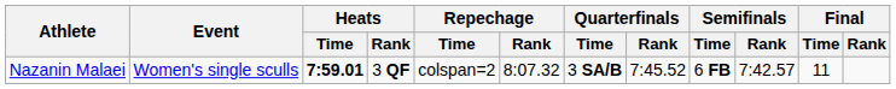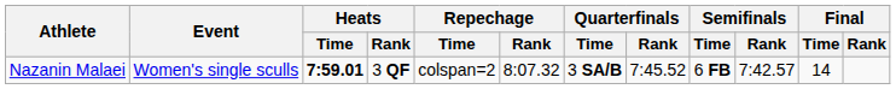 <table class="wikitable" style="font-size:90%">
 <tr>
 <th rowspan="2">Athlete</th>
 <th rowspan="2">Event</th>
 <th colspan="2">Heats</th>
 <th colspan="2">Repechage</th>
 <th colspan="2">Quarterfinals</th>
 <th colspan="2">Semifinals</th>
 <th colspan="2">Final</th>
 </tr>
 <tr style="font-size:95%">
 <th>Time</th>
 <th>Rank</th>
 <th>Time</th>
 <th>Rank</th>
 <th>Time</th>
 <th>Rank</th>
 <th>Time</th>
 <th>Rank</th>
 <th>Time</th>
 <th>Rank</th>
 </tr>
 <tr align=center>
 <td align=left><a href='#'>Nazanin Malaei</a></td>
 <td align=left><a href='#'>Women's single sculls</a></td>
 <td><strong>7:59.01</strong></td>
 <td>3 <strong>QF</strong></td>
 <td>colspan=2 </td>
 <td>8:07.32</td>
 <td>3 <strong>SA/B</strong></td>
 <td>7:45.52</td>
 <td>6 <strong>FB</strong></td>
 <td>7:42.57</td>
-<td>11</td>
+<td>14</td>
 </tr>
 </table>
